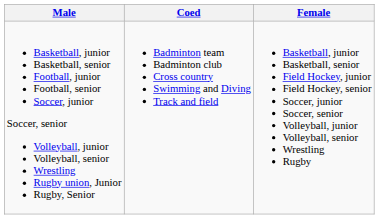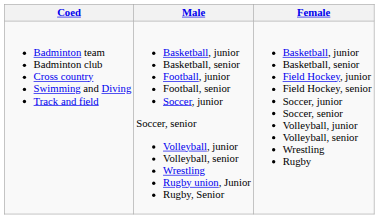 <table class="wikitable">
 <tr>
+<th><a href='#'>Coed</a></th>
 <th><a href='#'>Male</a></th>
-<th><a href='#'>Coed</a></th>
 <th><a href='#'>Female</a></th>
 </tr>
 <tr style="vertical-align:top;">
+<td><br><ul><li><a href='#'>Badminton</a> team</li><li>Badminton club</li><li><a href='#'>Cross country</a></li><li><a href='#'>Swimming</a> and <a href='#'>Diving</a></li><li><a href='#'>Track and field</a></li></ul></td>
 <td><br><ul><li><a href='#'>Basketball</a>, junior</li><li>Basketball, senior</li><li><a href='#'>Football</a>, junior</li><li>Football, senior</li><li><a href='#'>Soccer</a>, junior</li></ul>Soccer, senior<ul><li><a href='#'>Volleyball</a>, junior</li><li>Volleyball, senior</li><li><a href='#'>Wrestling</a></li><li><a href='#'>Rugby union</a>, Junior</li><li>Rugby, Senior</li></ul></td>
-<td><br><ul><li><a href='#'>Badminton</a> team</li><li>Badminton club</li><li><a href='#'>Cross country</a></li><li><a href='#'>Swimming</a> and <a href='#'>Diving</a></li><li><a href='#'>Track and field</a></li></ul></td>
 <td><br><ul><li><a href='#'>Basketball</a>, junior</li><li>Basketball, senior</li><li><a href='#'>Field Hockey</a>, junior</li><li>Field Hockey, senior</li><li>Soccer, junior</li><li>Soccer, senior</li><li>Volleyball, junior</li><li>Volleyball, senior</li><li>Wrestling</li><li>Rugby</li></ul></td>
 </tr>
 </table>
